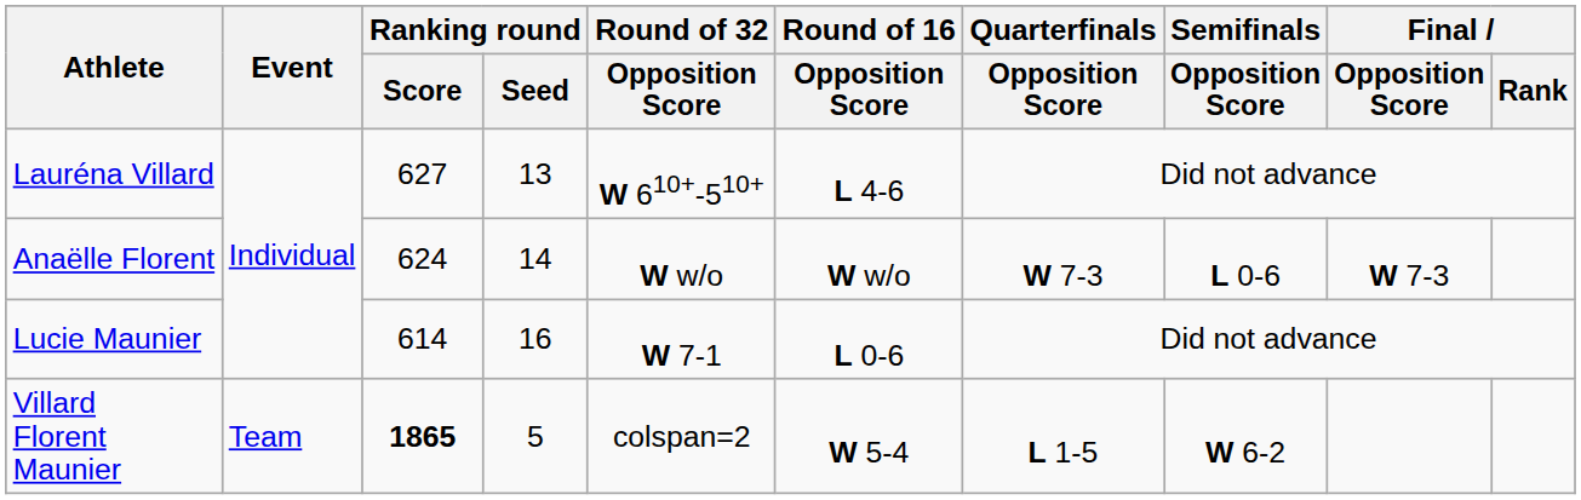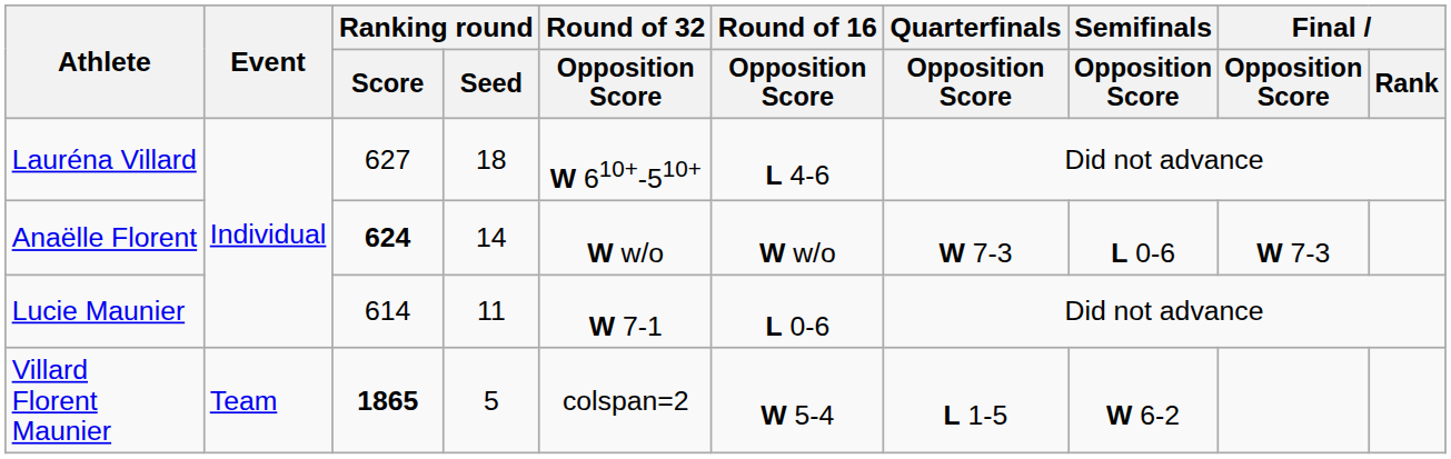 <table class="wikitable" style="font-size:90%">
 <tr>
 <th rowspan=2>Athlete</th>
 <th rowspan=2>Event</th>
 <th colspan=2>Ranking round</th>
 <th>Round of 32</th>
 <th>Round of 16</th>
 <th>Quarterfinals</th>
 <th>Semifinals</th>
 <th colspan=2>Final / </th>
 </tr>
 <tr style="font-size:95%">
 <th>Score</th>
 <th>Seed</th>
 <th>Opposition<br>Score</th>
 <th>Opposition<br>Score</th>
 <th>Opposition<br>Score</th>
 <th>Opposition<br>Score</th>
 <th>Opposition<br>Score</th>
 <th>Rank</th>
 </tr>
 <tr align=center>
 <td align=left><a href='#'>Lauréna Villard</a></td>
 <td align=left rowspan=3><a href='#'>Individual</a></td>
 <td>627</td>
-<td>13</td>
+<td>18</td>
 <td><br><strong>W</strong> 6<sup>10+</sup>-5<sup>10+</sup></td>
 <td><br><strong>L</strong> 4-6</td>
 <td colspan=4>Did not advance</td>
 </tr>
 <tr align=center>
 <td align=left><a href='#'>Anaëlle Florent</a></td>
-<td>624</td>
+<td><strong>624</strong></td>
 <td>14</td>
 <td><br><strong>W</strong> w/o</td>
 <td><br><strong>W</strong> w/o</td>
 <td><br><strong>W</strong> 7-3</td>
 <td><br><strong>L</strong> 0-6</td>
 <td><br><strong>W</strong> 7-3</td>
 <td></td>
 </tr>
 <tr align=center>
 <td align=left><a href='#'>Lucie Maunier</a></td>
 <td>614</td>
-<td>16</td>
+<td>11</td>
 <td><br><strong>W</strong> 7-1</td>
 <td><br><strong>L</strong> 0-6</td>
 <td colspan=4>Did not advance</td>
 </tr>
 <tr align=center>
 <td align=left><a href='#'>Villard</a><br><a href='#'>Florent</a><br><a href='#'>Maunier</a></td>
 <td align=left><a href='#'>Team</a></td>
 <td><strong>1865</strong></td>
 <td>5</td>
 <td>colspan=2 </td>
 <td><br><strong>W</strong> 5-4</td>
 <td><br><strong>L</strong> 1-5</td>
 <td><br><strong>W</strong> 6-2</td>
 <td></td>
 </tr>
 </table>
